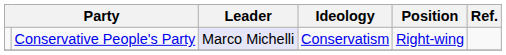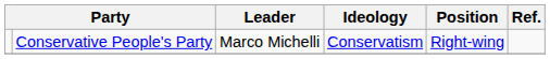 <table class="wikitable sortable" style="font-size:95%">
 <tr>
 <th colspan="2">Party</th>
 <th>Leader</th>
 <th>Ideology</th>
 <th>Position</th>
 <th>Ref.</th>
 </tr>
 <tr>
 <td></td>
 <td><a href='#'>Conservative People's Party</a></td>
-<td style="background: lavender;">Marco Michelli</td>
+<td>Marco Michelli</td>
 <td><a href='#'>Conservatism</a></td>
 <td><a href='#'>Right-wing</a></td>
 <td></td>
 </tr>
 <tr>
 </tr>
 </table>
